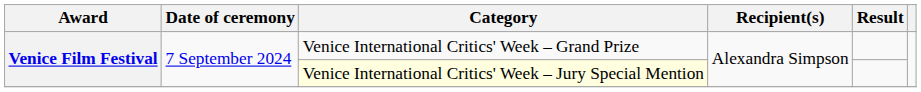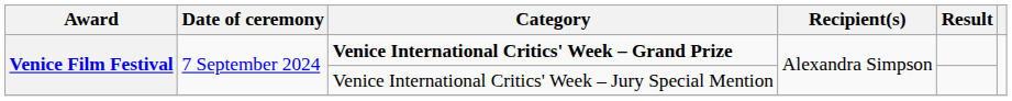 <table class="wikitable sortable plainrowheaders">
 <tr>
 <th scope="col">Award</th>
 <th scope="col">Date of ceremony</th>
 <th scope="col">Category</th>
 <th scope="col">Recipient(s)</th>
 <th scope="col">Result</th>
 <th scope="col" class="unsortable"></th>
 </tr>
 <tr>
 <th scope="row" rowspan="2"><a href='#'>Venice Film Festival</a></th>
 <td rowspan="2"><a href='#'>7 September 2024</a></td>
-<td>Venice International Critics' Week – Grand Prize</td>
+<td><strong>Venice International Critics' Week – Grand Prize</strong></td>
 <td rowspan="2">Alexandra Simpson</td>
 <td></td>
 <td style="text-align:center;" rowspan="2"></td>
 </tr>
 <tr>
-<td style="background: lightyellow;">Venice International Critics' Week – Jury Special Mention</td>
+<td>Venice International Critics' Week – Jury Special Mention</td>
 <td></td>
 </tr>
 <tr>
 </tr>
 </table>
